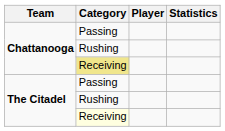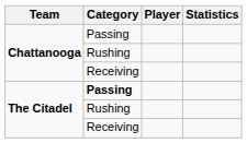 <table class="wikitable" style="float: right;">
 <tr>
 <th>Team</th>
 <th>Category</th>
 <th>Player</th>
 <th>Statistics</th>
 </tr>
 <tr>
 <td rowspan=3><strong>Chattanooga</strong></td>
 <td>Passing</td>
 <td></td>
 <td></td>
 </tr>
 <tr>
 <td>Rushing</td>
 <td></td>
 <td></td>
 </tr>
 <tr>
-<td style="background: khaki;">Receiving</td>
+<td>Receiving</td>
 <td></td>
 <td></td>
 </tr>
 <tr>
 <td rowspan=3><strong>The Citadel</strong></td>
-<td>Passing</td>
+<td><strong>Passing</strong></td>
 <td></td>
 <td></td>
 </tr>
 <tr>
 <td>Rushing</td>
 <td></td>
 <td></td>
 </tr>
 <tr>
-<td style="background: lightyellow;">Receiving</td>
+<td>Receiving</td>
 <td></td>
 <td></td>
 </tr>
 </table>
